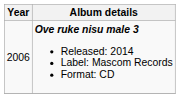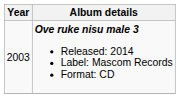 <table class ="wikitable">
 <tr>
 <th>Year</th>
 <th>Album details</th>
 </tr>
 <tr>
-<td align="center" rowspan="1">2006</td>
+<td align="center" rowspan="1">2003</td>
 <td><strong><em>Ove ruke nisu male 3</em></strong><br><ul><li>Released: 2014</li><li>Label: Mascom Records</li><li>Format: CD</li></ul></td>
 </tr>
 <tr>
 </tr>
 </table>
